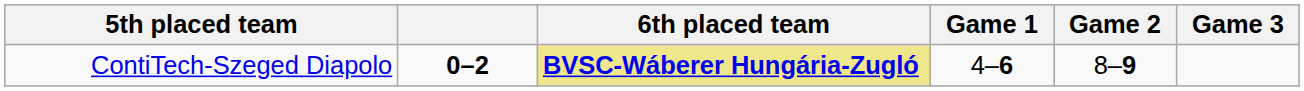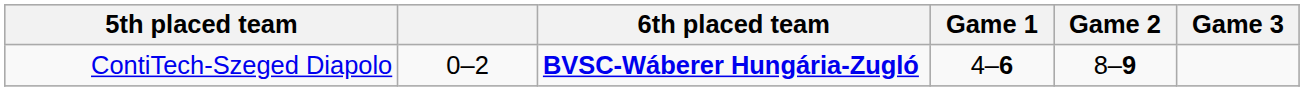 <table class=wikitable style="text-align:center">
 <tr>
 <th width=240>5th placed team</th>
 <th width=80></th>
 <th width=240>6th placed team</th>
 <th width=70>Game 1</th>
 <th width=70>Game 2</th>
 <th width=70>Game 3</th>
 </tr>
 <tr>
 <td align=right><a href='#'>ContiTech-Szeged Diapolo</a> </td>
-<td><strong>0–2</strong></td>
-<td align=left style="background: khaki;"> <strong><a href='#'>BVSC-Wáberer Hungária-Zugló</a></strong></td>
+<td>0–2</td>
+<td align=left> <strong><a href='#'>BVSC-Wáberer Hungária-Zugló</a></strong></td>
 <td>4–<strong>6</strong></td>
 <td>8–<strong>9</strong></td>
 </tr>
 </table>
